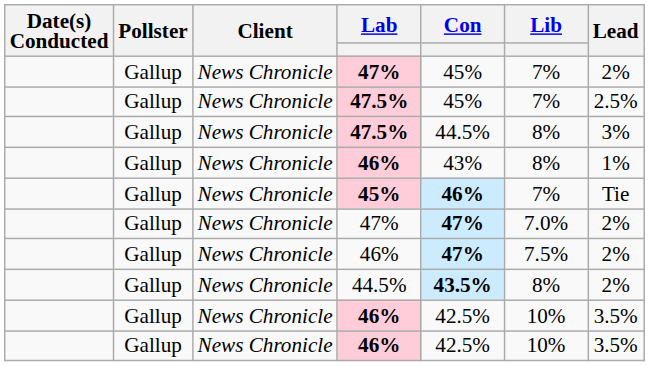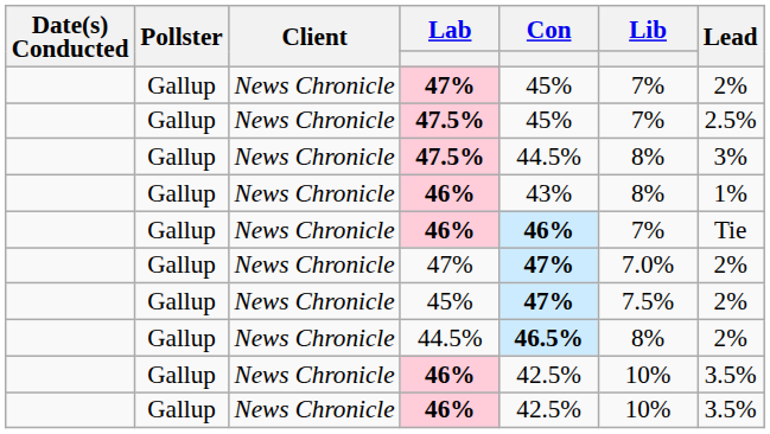 <table class="wikitable sortable mw-datatable" style="text-align:center;font-size:90%;line-height:14px;">
 <tr>
 <th rowspan="2">Date(s)<br>Conducted</th>
 <th rowspan="2">Pollster</th>
 <th rowspan="2">Client</th>
 <th class="unsortable" style="width:50px;"><a href='#'>Lab</a></th>
 <th class="unsortable" style="width:50px;"><a href='#'>Con</a></th>
 <th class="unsortable" style="width:50px;"><a href='#'>Lib</a></th>
 <th rowspan="2">Lead</th>
 </tr>
 <tr>
 <th style="background:"></th>
 <th style="background:"></th>
 <th style="background:"></th>
 </tr>
 <tr>
 <td></td>
 <td>Gallup</td>
 <td><em>News Chronicle</em></td>
 <td style="background:#FFCCDA;"><strong>47%</strong></td>
 <td>45%</td>
 <td>7%</td>
 <td style="background:">2%</td>
 </tr>
 <tr>
 <td></td>
 <td>Gallup</td>
 <td><em>News Chronicle</em></td>
 <td style="background:#FFCCDA;"><strong>47.5%</strong></td>
 <td>45%</td>
 <td>7%</td>
 <td style="background:">2.5%</td>
 </tr>
 <tr>
 <td></td>
 <td>Gallup</td>
 <td><em>News Chronicle</em></td>
 <td style="background:#FFCCDA;"><strong>47.5%</strong></td>
 <td>44.5%</td>
 <td>8%</td>
 <td style="background:">3%</td>
 </tr>
 <tr>
 <td></td>
 <td>Gallup</td>
 <td><em>News Chronicle</em></td>
 <td style="background:#FFCCDA;"><strong>46%</strong></td>
 <td>43%</td>
 <td>8%</td>
 <td style="background:">1%</td>
 </tr>
 <tr>
 <td></td>
 <td>Gallup</td>
 <td><em>News Chronicle</em></td>
-<td style="background:#FFCCDA;"><strong>45%</strong></td>
+<td style="background:#FFCCDA;"><strong>46%</strong></td>
 <td style="background:#CCEBFF;"><strong>46%</strong></td>
 <td>7%</td>
 <td>Tie</td>
 </tr>
 <tr>
 <td></td>
 <td>Gallup</td>
 <td><em>News Chronicle</em></td>
 <td>47%</td>
 <td style="background:#CCEBFF;"><strong>47%</strong></td>
 <td>7.0%</td>
 <td style="background:">2%</td>
 </tr>
 <tr>
 <td></td>
 <td>Gallup</td>
 <td><em>News Chronicle</em></td>
-<td>46%</td>
+<td>45%</td>
 <td style="background:#CCEBFF;"><strong>47%</strong></td>
 <td>7.5%</td>
 <td style="background:">2%</td>
 </tr>
 <tr>
 <td></td>
 <td>Gallup</td>
 <td><em>News Chronicle</em></td>
 <td>44.5%</td>
-<td style="background:#CCEBFF;"><strong>43.5%</strong></td>
+<td style="background:#CCEBFF;"><strong>46.5%</strong></td>
 <td>8%</td>
 <td style="background:">2%</td>
 </tr>
 <tr>
 <td></td>
 <td>Gallup</td>
 <td><em>News Chronicle</em></td>
 <td style="background:#FFCCDA;"><strong>46%</strong></td>
 <td>42.5%</td>
 <td>10%</td>
 <td style="background:">3.5%</td>
 </tr>
 <tr>
 <td></td>
 <td>Gallup</td>
 <td><em>News Chronicle</em></td>
 <td style="background:#FFCCDA;"><strong>46%</strong></td>
 <td>42.5%</td>
 <td>10%</td>
 <td style="background:">3.5%</td>
 </tr>
 </table>
